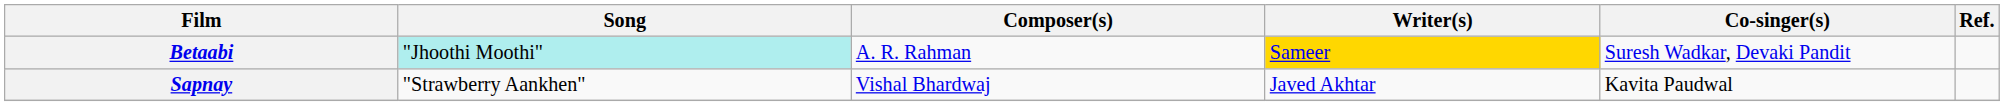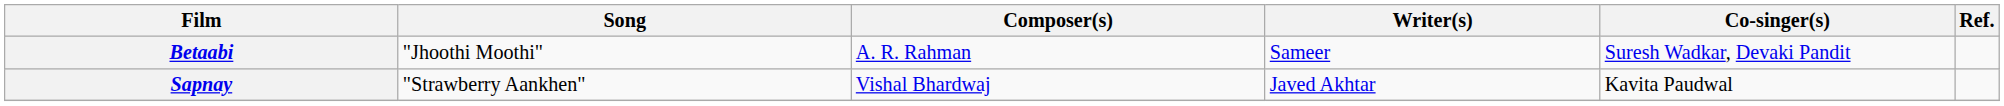 <table class="wikitable plainrowheaders" width="100%" textcolor:#000;">
 <tr>
 <th scope="col" width=20%><strong>Film</strong></th>
 <th scope="col" width=23%><strong>Song</strong></th>
 <th scope="col" width=21%><strong>Composer(s)</strong></th>
 <th scope="col" width=17%><strong>Writer(s)</strong></th>
 <th scope="col" width=18%><strong>Co-singer(s)</strong></th>
 <th scope="col" width=1%><strong>Ref.</strong></th>
 </tr>
 <tr>
 <th scope="row"><em><a href='#'>Betaabi</a></em></th>
-<td style="background: paleturquoise;">"Jhoothi Moothi"</td>
+<td>"Jhoothi Moothi"</td>
 <td><a href='#'>A. R. Rahman</a></td>
-<td style="background: gold;"><a href='#'>Sameer</a></td>
+<td><a href='#'>Sameer</a></td>
 <td><a href='#'>Suresh Wadkar</a>, <a href='#'>Devaki Pandit</a></td>
 <td></td>
 </tr>
 <tr>
 <th scope="row"><em><a href='#'>Sapnay</a></em></th>
 <td>"Strawberry Aankhen"</td>
 <td><a href='#'>Vishal Bhardwaj</a></td>
 <td><a href='#'>Javed Akhtar</a></td>
 <td>Kavita Paudwal</td>
 <td></td>
 </tr>
 <tr>
 </tr>
 </table>
